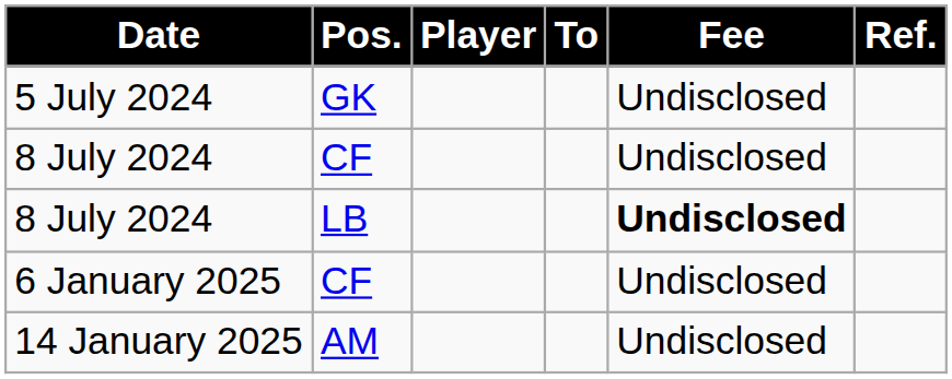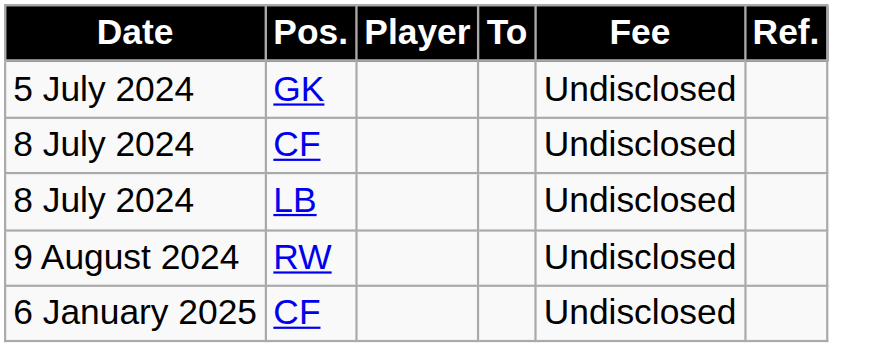 <table class="wikitable plainrowheaders sortable">
 <tr>
 <th style="background:black; color:white; ">Date</th>
 <th style="background:black; color:white; ">Pos.</th>
 <th style="background:black; color:white; ">Player</th>
 <th style="background:black; color:white; ">To</th>
 <th style="background:black; color:white; ">Fee</th>
 <th style="background:black; color:white; ">Ref.</th>
 </tr>
 <tr>
 <td>5 July 2024</td>
 <td><a href='#'>GK</a></td>
 <td></td>
 <td></td>
 <td>Undisclosed</td>
 <td></td>
 </tr>
 <tr>
 <td>8 July 2024</td>
 <td><a href='#'>CF</a></td>
 <td></td>
 <td></td>
 <td>Undisclosed</td>
 <td></td>
 </tr>
 <tr>
 <td>8 July 2024</td>
 <td><a href='#'>LB</a></td>
 <td></td>
 <td></td>
-<td><strong>Undisclosed</strong></td>
+<td>Undisclosed</td>
+<td></td>
+</tr>
+<tr>
+<td>9 August 2024</td>
+<td><a href='#'>RW</a></td>
+<td></td>
+<td></td>
+<td>Undisclosed</td>
 <td></td>
 </tr>
 <tr>
 <td>6 January 2025</td>
 <td><a href='#'>CF</a></td>
 <td></td>
 <td></td>
 <td>Undisclosed</td>
 <td></td>
 </tr>
-<tr>
-<td>14 January 2025</td>
-<td><a href='#'>AM</a></td>
-<td></td>
-<td></td>
-<td>Undisclosed</td>
-<td></td>
-</tr>
 </table>
